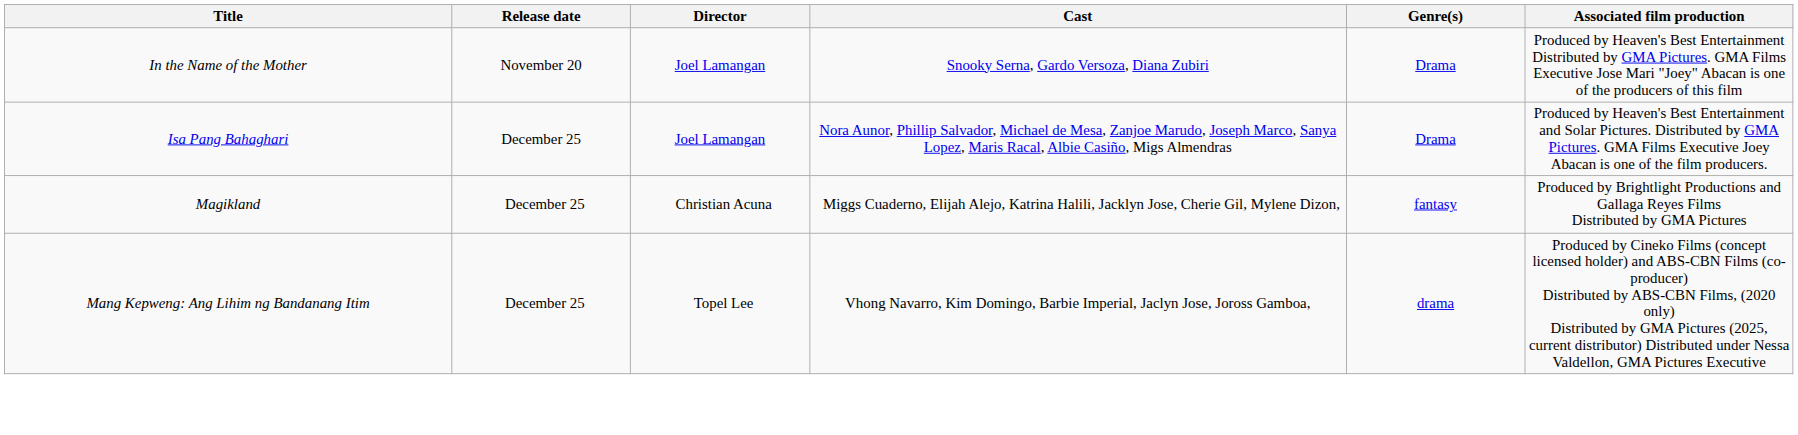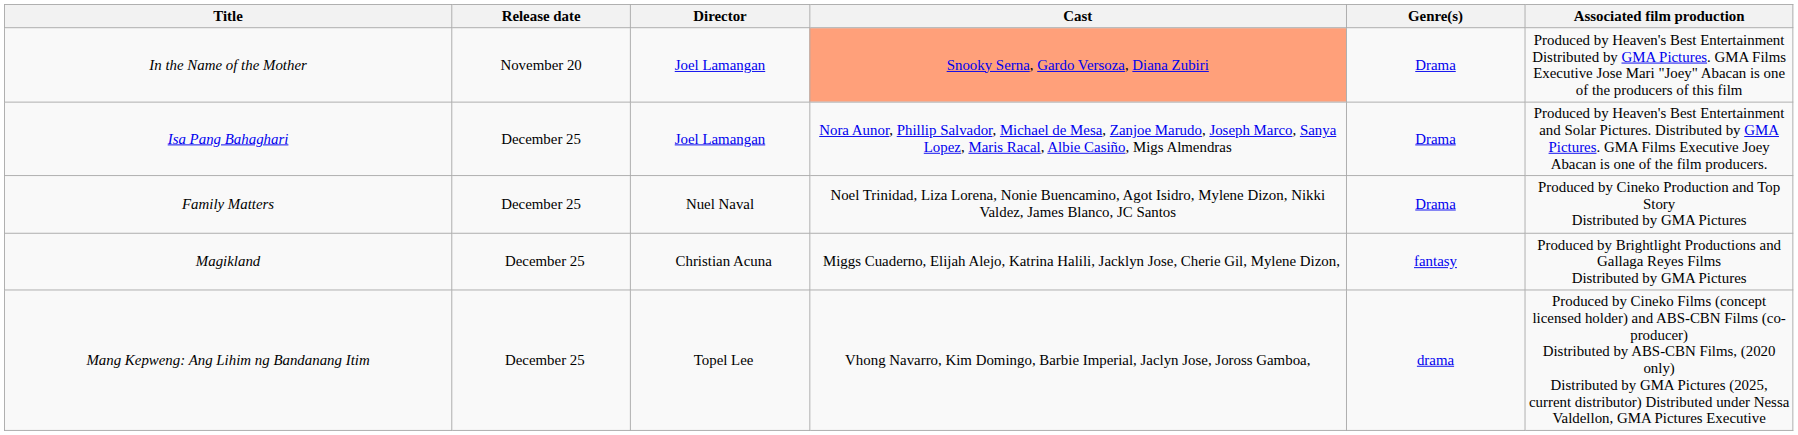 <table class="wikitable" "toccolours sortable" style="width:97%; text-align:center">
 <tr>
 <th style="width:25%;">Title</th>
 <th style="width:10%;">Release date</th>
 <th style="width:10%;">Director</th>
 <th style="width:30%;">Cast</th>
 <th style="width:10%;">Genre(s)</th>
 <th style="width:15%;">Associated film production</th>
 </tr>
 <tr>
 <td><em>In the Name of the Mother</em></td>
 <td>November 20</td>
 <td><a href='#'>Joel Lamangan</a></td>
-<td><a href='#'>Snooky Serna</a>, <a href='#'>Gardo Versoza</a>, <a href='#'>Diana Zubiri</a></td>
+<td style="background: lightsalmon;"><a href='#'>Snooky Serna</a>, <a href='#'>Gardo Versoza</a>, <a href='#'>Diana Zubiri</a></td>
 <td><a href='#'>Drama</a></td>
 <td>Produced by Heaven's Best Entertainment<br>Distributed by <a href='#'>GMA Pictures</a>. GMA Films Executive Jose Mari "Joey" Abacan is one of the producers of this film</td>
 </tr>
 <tr>
 <td><em><a href='#'>Isa Pang Bahaghari</a></em></td>
 <td>December 25</td>
 <td><a href='#'>Joel Lamangan</a></td>
 <td><a href='#'>Nora Aunor</a>, <a href='#'>Phillip Salvador</a>, <a href='#'>Michael de Mesa</a>, <a href='#'>Zanjoe Marudo</a>, <a href='#'>Joseph Marco</a>, <a href='#'>Sanya Lopez</a>, <a href='#'>Maris Racal</a>, <a href='#'>Albie Casiño</a>, Migs Almendras</td>
 <td><a href='#'>Drama</a></td>
 <td>Produced by Heaven's Best Entertainment and Solar Pictures. Distributed by <a href='#'>GMA Pictures</a>. GMA Films Executive Joey Abacan is one of the film producers.</td>
+</tr>
+<tr>
+<td><em>Family Matters</em></td>
+<td>December 25</td>
+<td>Nuel Naval</td>
+<td>Noel Trinidad, Liza Lorena, Nonie Buencamino, Agot Isidro, Mylene Dizon, Nikki Valdez, James Blanco, JC Santos</td>
+<td><a href='#'>Drama</a></td>
+<td>Produced by Cineko Production and Top Story<br>Distributed by GMA Pictures </td>
 </tr>
 <tr>
 <td><em>Magikland</em></td>
 <td>  December 25</td>
 <td>  Christian Acuna</td>
 <td>  Miggs Cuaderno, Elijah Alejo, Katrina Halili, Jacklyn Jose, Cherie Gil, Mylene Dizon,</td>
 <td><a href='#'>fantasy</a></td>
 <td>Produced by Brightlight Productions and Gallaga Reyes Films<br>Distributed by GMA Pictures </td>
 </tr>
 <tr>
 <td><em>Mang Kepweng: Ang Lihim ng Bandanang Itim</em></td>
 <td>  December 25</td>
 <td>  Topel Lee</td>
 <td>Vhong Navarro, Kim Domingo, Barbie Imperial, Jaclyn Jose, Joross Gamboa,</td>
 <td><a href='#'>drama</a></td>
 <td>Produced by Cineko Films (concept licensed holder) and ABS-CBN Films (co-producer)<br>Distributed by ABS-CBN Films, (2020 only)<br>Distributed by GMA Pictures (2025, current distributor) Distributed under Nessa Valdellon, GMA Pictures Executive<br>  </td>
 </tr>
 </table>
